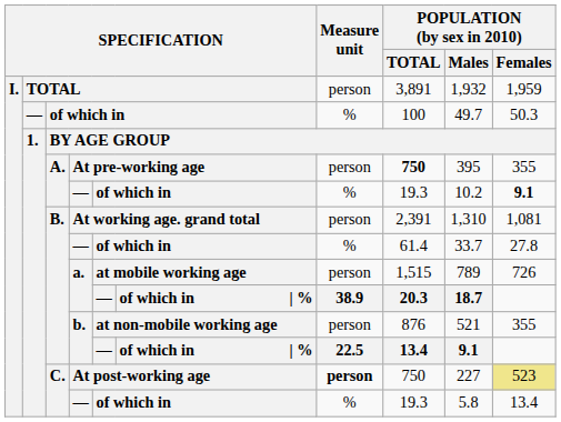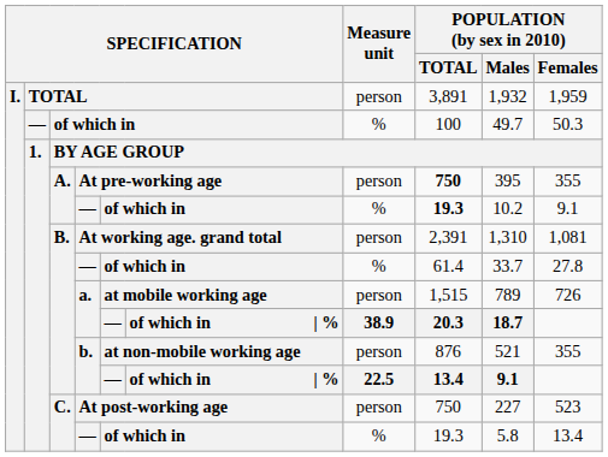 <table class="wikitable" style="font-size:85%; text-align:center">
 <tr>
 <th rowspan="2" colspan="6">SPECIFICATION</th>
 <th rowspan="2">Measure<br> unit</th>
 <th colspan="3" rowspan="1">POPULATION<br> (by sex in 2010)</th>
 </tr>
 <tr>
 <th>TOTAL</th>
 <th>Males</th>
 <th>Females</th>
 </tr>
 <tr>
 <th style="text-align:left" valign="top" rowspan="13">I.</th>
 <th style="text-align:left" colspan="5">TOTAL</th>
 <td>person</td>
 <td>3,891</td>
 <td>1,932</td>
 <td>1,959</td>
 </tr>
 <tr>
 <th style="text-align:left" valign="top">—</th>
 <th style="text-align:left" colspan="4">of which in</th>
 <td>%</td>
 <td>100</td>
 <td>49.7</td>
 <td>50.3</td>
 </tr>
 <tr>
 <th style="text-align:left" valign="top" rowspan="11">1.</th>
 <th style="text-align:left" colspan="19">BY AGE GROUP</th>
 </tr>
 <tr>
 <th style="text-align:left" valign="top" rowspan="2">A.</th>
 <th style="text-align:left" colspan="3">At pre-working age</th>
 <td>person</td>
 <td><strong>750</strong></td>
 <td>395</td>
 <td>355</td>
 </tr>
 <tr>
 <th style="text-align:left" valign="top">—</th>
 <th style="text-align:left" valign="top" colspan="2">of which in</th>
 <td>%</td>
-<td>19.3</td>
+<td><strong>19.3</strong></td>
 <td>10.2</td>
-<td><strong>9.1</strong></td>
+<td>9.1</td>
 </tr>
 <tr>
 <th style="text-align:left" valign="top" rowspan="6">B.</th>
 <th style="text-align:left" colspan="3">At working age. grand total</th>
 <td>person</td>
 <td>2,391</td>
 <td>1,310</td>
 <td>1,081</td>
 </tr>
 <tr>
 <th style="text-align:left" valign="top">—</th>
 <th style="text-align:left" valign="top" colspan="2">of which in</th>
 <td>%</td>
 <td>61.4</td>
 <td>33.7</td>
 <td>27.8</td>
 </tr>
 <tr>
 <th style="text-align:left" valign="top" rowspan="2">a.</th>
 <th style="text-align:left" colspan="2">at mobile working age</th>
 <td>person</td>
 <td>1,515</td>
 <td>789</td>
 <td>726</td>
 </tr>
 <tr>
 <th style="text-align:left" valign="top">—</th>
 <th style="text-align:left" valign="top" colspan="1">of which in                        | %</th>
 <th>38.9</th>
 <th>20.3</th>
 <th>18.7</th>
 </tr>
 <tr>
 <th style="text-align:left" valign="top" rowspan="2">b.</th>
 <th style="text-align:left" colspan="2">at non-mobile working age</th>
 <td>person</td>
 <td>876</td>
 <td>521</td>
 <td>355</td>
 </tr>
 <tr>
 <th style="text-align:left" valign="top">—</th>
 <th style="text-align:left" valign="top" colspan="1">of which in                        | %</th>
 <th>22.5</th>
 <th>13.4</th>
 <th>9.1</th>
 </tr>
 <tr>
 <th style="text-align:left" valign="top" rowspan="2">C.</th>
 <th style="text-align:left" colspan="3">At post-working age</th>
-<td><strong>person</strong></td>
+<td>person</td>
 <td>750</td>
 <td>227</td>
-<td style="background: khaki;">523</td>
+<td>523</td>
 </tr>
 <tr>
 <th style="text-align:left" valign="top">—</th>
 <th style="text-align:left" valign="top" colspan="2">of which in</th>
 <td>%</td>
 <td>19.3</td>
 <td>5.8</td>
 <td>13.4</td>
 </tr>
 </table>
